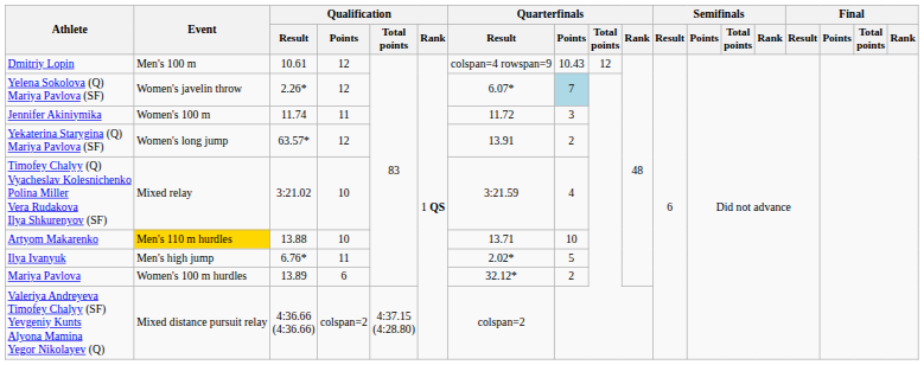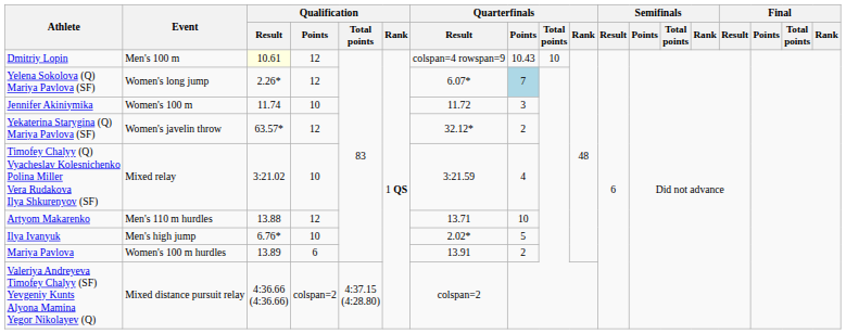 <table class="wikitable" style="text-align:center; font-size:90%">
 <tr>
 <th rowspan=2>Athlete</th>
 <th rowspan=2>Event</th>
 <th colspan=4>Qualification</th>
 <th colspan=4>Quarterfinals</th>
 <th colspan=4>Semifinals</th>
 <th colspan=4>Final</th>
 </tr>
 <tr style="font-size:95%">
 <th>Result</th>
 <th>Points</th>
 <th>Total<br>points</th>
 <th>Rank</th>
 <th>Result</th>
 <th>Points</th>
 <th>Total<br>points</th>
 <th>Rank</th>
 <th>Result</th>
 <th>Points</th>
 <th>Total<br>points</th>
 <th>Rank</th>
 <th>Result</th>
 <th>Points</th>
 <th>Total<br>points</th>
 <th>Rank</th>
 </tr>
 <tr>
 <td align=left><a href='#'>Dmitriy Lopin</a></td>
 <td align=left>Men's 100 m</td>
-<td>10.61</td>
+<td style="background: lightyellow;">10.61</td>
 <td>12</td>
 <td rowspan=8>83</td>
 <td rowspan=9>1 <strong>QS</strong></td>
 <td>colspan=4 rowspan=9 </td>
 <td>10.43</td>
-<td>12</td>
+<td>10</td>
 <td rowspan=8>48</td>
 <td rowspan=9>6</td>
 <td colspan=4 rowspan=9>Did not advance</td>
 </tr>
 <tr>
 <td align=left><a href='#'>Yelena Sokolova</a> (Q)<br><a href='#'>Mariya Pavlova</a> (SF)</td>
-<td align=left>Women's javelin throw</td>
+<td align=left>Women's long jump</td>
 <td>2.26*</td>
 <td>12</td>
 <td>6.07*</td>
 <td style="background: lightblue;">7</td>
 </tr>
 <tr>
 <td align=left><a href='#'>Jennifer Akiniymika</a></td>
 <td align=left>Women's 100 m</td>
 <td>11.74</td>
-<td>11</td>
+<td>10</td>
 <td>11.72</td>
 <td>3</td>
 </tr>
 <tr>
 <td align=left><a href='#'>Yekaterina Starygina</a> (Q)<br><a href='#'>Mariya Pavlova</a> (SF)</td>
-<td align=left>Women's long jump</td>
+<td align=left>Women's javelin throw</td>
 <td>63.57*</td>
 <td>12</td>
-<td>13.91</td>
+<td>32.12*</td>
 <td>2</td>
 </tr>
 <tr>
 <td align=left><a href='#'>Timofey Chalyy</a> (Q)<br><a href='#'>Vyacheslav Kolesnichenko</a><br><a href='#'>Polina Miller</a><br><a href='#'>Vera Rudakova</a><br><a href='#'>Ilya Shkurenyov</a> (SF)</td>
 <td align=left>Mixed  relay</td>
 <td>3:21.02</td>
 <td>10</td>
 <td>3:21.59</td>
 <td>4</td>
 </tr>
 <tr>
 <td align=left><a href='#'>Artyom Makarenko</a></td>
-<td align=left style="background: gold;">Men's 110 m hurdles</td>
+<td align=left>Men's 110 m hurdles</td>
 <td>13.88</td>
-<td>10</td>
+<td>12</td>
 <td>13.71</td>
 <td>10</td>
 </tr>
 <tr>
 <td align=left><a href='#'>Ilya Ivanyuk</a></td>
 <td align=left>Men's high jump</td>
 <td>6.76*</td>
-<td>11</td>
+<td>10</td>
 <td>2.02*</td>
 <td>5</td>
 </tr>
 <tr>
 <td align=left><a href='#'>Mariya Pavlova</a></td>
 <td align=left>Women's 100 m hurdles</td>
 <td>13.89</td>
 <td>6</td>
-<td>32.12*</td>
+<td>13.91</td>
 <td>2</td>
 </tr>
 <tr>
 <td align=left><a href='#'>Valeriya Andreyeva</a><br><a href='#'>Timofey Chalyy</a> (SF)<br><a href='#'>Yevgeniy Kunts</a><br><a href='#'>Alyona Mamina</a><br><a href='#'>Yegor Nikolayev</a> (Q)</td>
 <td align=left>Mixed distance pursuit relay</td>
 <td>4:36.66<br>(4:36.66)</td>
 <td>colspan=2 </td>
 <td>4:37.15<br>(4:28.80)</td>
 <td>colspan=2 </td>
 </tr>
 </table>
